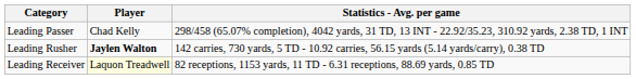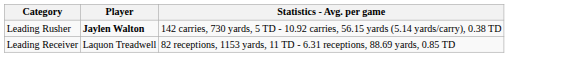 <table class="wikitable" style="float: left;">
 <tr>
 <th>Category</th>
 <th>Player</th>
 <th>Statistics - Avg. per game</th>
-</tr>
-<tr>
-<td>Leading Passer</td>
-<td>Chad Kelly</td>
-<td>298/458 (65.07% completion), 4042 yards, 31 TD, 13 INT - 22.92/35.23, 310.92 yards, 2.38 TD, 1 INT</td>
 </tr>
 <tr>
 <td>Leading Rusher</td>
 <td><strong>Jaylen Walton</strong></td>
 <td>142 carries, 730 yards, 5 TD - 10.92 carries, 56.15 yards (5.14 yards/carry), 0.38 TD</td>
 </tr>
 <tr>
 <td>Leading Receiver</td>
-<td style="background: lightyellow;">Laquon Treadwell</td>
+<td>Laquon Treadwell</td>
 <td>82 receptions, 1153 yards, 11 TD - 6.31 receptions, 88.69 yards, 0.85 TD</td>
 </tr>
 </table>
